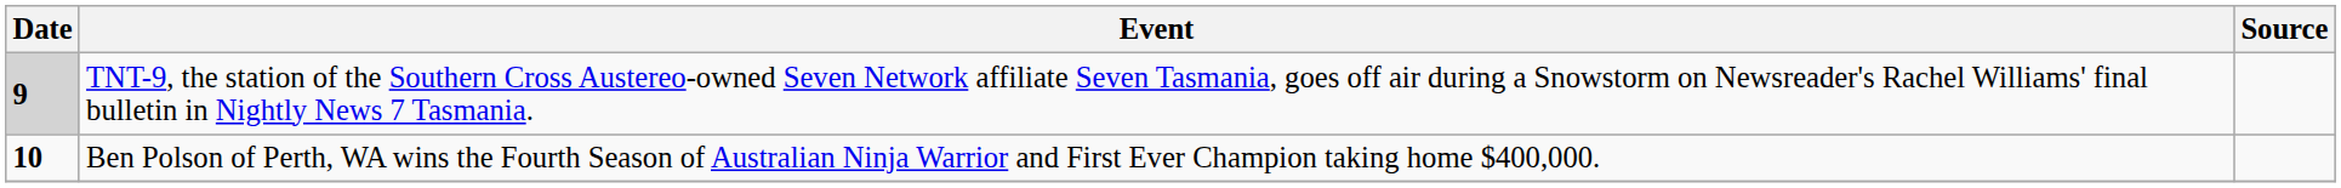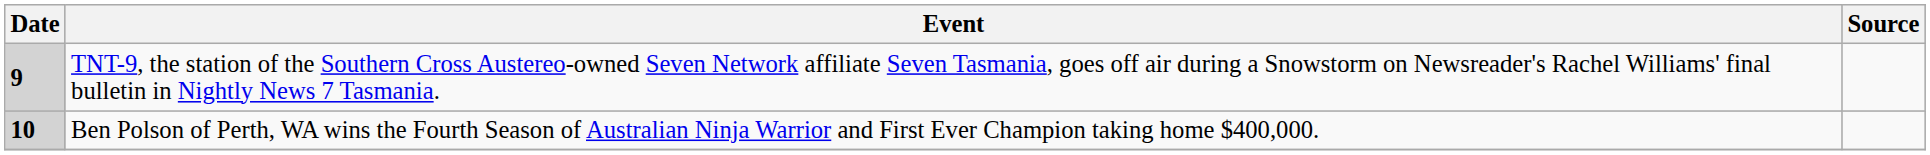 <table class="wikitable">
 <tr>
 <th>Date</th>
 <th>Event</th>
 <th>Source</th>
 </tr>
 <tr>
 <td style="background: lightgrey;"><strong>9</strong></td>
 <td><a href='#'>TNT-9</a>, the station of the <a href='#'>Southern Cross Austereo</a>-owned <a href='#'>Seven Network</a> affiliate <a href='#'>Seven Tasmania</a>, goes off air during a Snowstorm on Newsreader's Rachel Williams' final bulletin in <a href='#'>Nightly News 7 Tasmania</a>.</td>
 </tr>
 <tr>
-<td><strong>10</strong></td>
+<td style="background: lightgrey;"><strong>10</strong></td>
 <td>Ben Polson of Perth, WA wins the Fourth Season of <a href='#'>Australian Ninja Warrior</a> and First Ever Champion taking home $400,000.</td>
 <td></td>
 </tr>
 <tr>
 </tr>
 </table>
